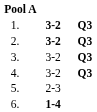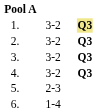 <table style="text-align:center">
 <tr>
 <td colspan=4 align=left><strong>Pool A</strong></td>
 </tr>
 <tr>
 <td width=30>1.</td>
 <td align=left></td>
-<td width=60><strong>3-2</strong></td>
-<td><strong>Q3</strong></td>
+<td width=60>3-2</td>
+<td style="background: khaki;"><strong>Q3</strong></td>
 </tr>
 <tr>
 <td>2.</td>
 <td align=left></td>
-<td><strong>3-2</strong></td>
+<td>3-2</td>
 <td><strong>Q3</strong></td>
 </tr>
 <tr>
 <td>3.</td>
 <td align=left></td>
 <td>3-2</td>
 <td><strong>Q3</strong></td>
 </tr>
 <tr>
 <td>4.</td>
 <td align=left></td>
 <td>3-2</td>
 <td><strong>Q3</strong></td>
 </tr>
 <tr>
 <td>5.</td>
 <td align=left></td>
 <td>2-3</td>
 <td></td>
 </tr>
 <tr>
 <td>6.</td>
 <td align=left></td>
-<td><strong>1-4</strong></td>
+<td>1-4</td>
 <td></td>
 </tr>
 </table>
